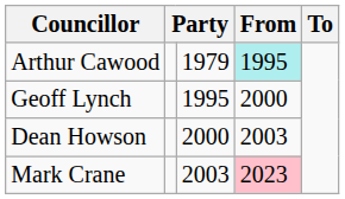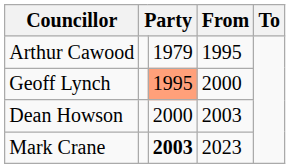 <table class=wikitable>
 <tr>
 <th>Councillor</th>
 <th colspan=2>Party</th>
 <th>From</th>
 <th>To</th>
 </tr>
 <tr>
 <td>Arthur Cawood</td>
 <td></td>
 <td align=right>1979</td>
-<td style="background: paleturquoise;">1995</td>
+<td>1995</td>
 </tr>
 <tr>
 <td>Geoff Lynch</td>
 <td></td>
-<td align=right>1995</td>
+<td align=right style="background: lightsalmon;">1995</td>
 <td>2000</td>
 </tr>
 <tr>
 <td>Dean Howson</td>
 <td></td>
 <td align=right>2000</td>
 <td>2003</td>
 </tr>
 <tr>
 <td>Mark Crane</td>
 <td></td>
-<td align=right>2003</td>
-<td style="background: pink;">2023</td>
+<td align=right><strong>2003</strong></td>
+<td>2023</td>
 </tr>
 </table>
